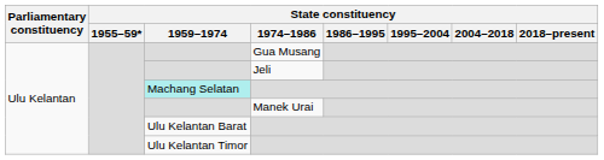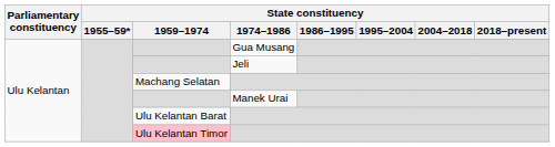 <table class="wikitable">
 <tr>
 <th rowspan="2">Parliamentary<br>constituency</th>
 <th colspan="7">State constituency</th>
 </tr>
 <tr>
 <th>1955–59*</th>
 <th>1959–1974</th>
 <th>1974–1986</th>
 <th>1986–1995</th>
 <th>1995–2004</th>
 <th>2004–2018</th>
 <th>2018–present</th>
 </tr>
 <tr>
 <td rowspan="6">Ulu Kelantan</td>
 <td rowspan="6" bgcolor="dcdcdc"></td>
 <td bgcolor="dcdcdc"></td>
 <td>Gua Musang</td>
 <td colspan="4" bgcolor="dcdcdc"></td>
 </tr>
 <tr>
 <td bgcolor="dcdcdc"></td>
 <td>Jeli</td>
 <td colspan="4" bgcolor="dcdcdc"></td>
 </tr>
 <tr>
-<td style="background: paleturquoise;">Machang Selatan</td>
+<td>Machang Selatan</td>
 <td colspan="5" bgcolor="dcdcdc"></td>
 </tr>
 <tr>
 <td bgcolor="dcdcdc"></td>
 <td>Manek Urai</td>
 <td colspan="4" bgcolor="dcdcdc"></td>
 </tr>
 <tr>
 <td>Ulu Kelantan Barat</td>
 <td colspan="5" bgcolor="dcdcdc"></td>
 </tr>
 <tr>
-<td>Ulu Kelantan Timor</td>
+<td style="background: pink;">Ulu Kelantan Timor</td>
 <td colspan="5" bgcolor="dcdcdc"></td>
 </tr>
 </table>
